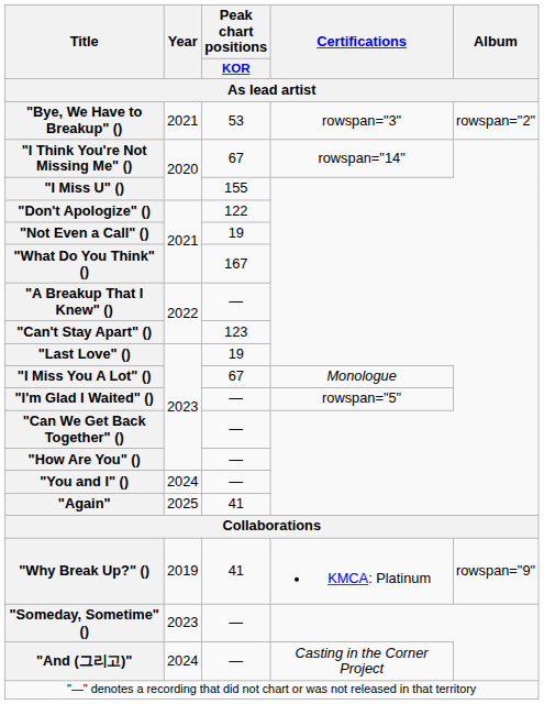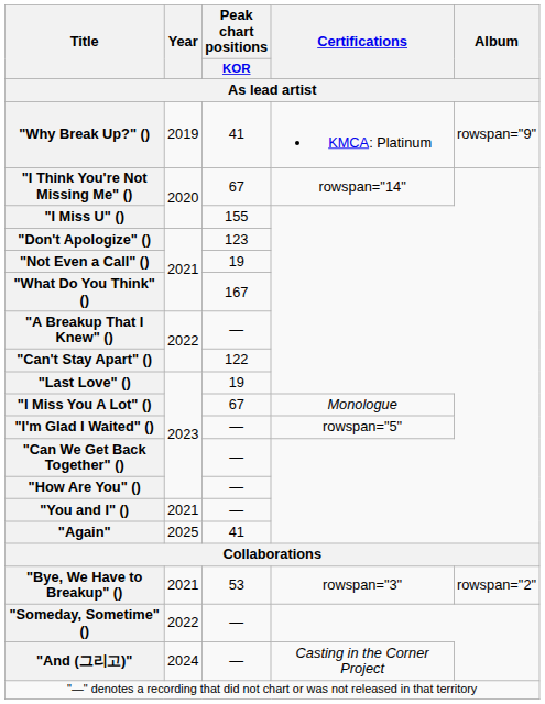 <table class="wikitable plainrowheaders" style="text-align:center">
 <tr>
 <th scope="col" rowspan="2">Title</th>
 <th scope="col" rowspan="2">Year</th>
 <th scope="col" colspan="1">Peak chart positions</th>
 <th scope="col" rowspan="2" style="width:12.5em;"><a href='#'>Certifications</a><br></th>
 <th scope="col" rowspan="2">Album</th>
 </tr>
 <tr>
 <th scope="col" style="font-size:90%; width:2.5em"><a href='#'>KOR</a><br></th>
 </tr>
 <tr>
 <th scope="col" colspan="5">As lead artist</th>
 </tr>
 <tr>
-<th scope="row">"Bye, We Have to Breakup" () </th>
-<td>2021</td>
-<td>53</td>
-<td>rowspan="3" </td>
-<td>rowspan="2" </td>
+<th scope="row">"Why Break Up?" ()</th>
+<td>2019</td>
+<td>41</td>
+<td><br><ul><li><a href='#'>KMCA</a>: Platinum</li></ul></td>
+<td>rowspan="9" </td>
 </tr>
 <tr>
 <th scope="row">"I Think You're Not Missing Me" ()</th>
 <td rowspan="2">2020</td>
 <td>67</td>
 <td>rowspan="14" </td>
 </tr>
 <tr>
 <th scope="row">"I Miss U" ()</th>
 <td>155</td>
 </tr>
 <tr>
 <th scope="row">"Don't Apologize" ()</th>
 <td rowspan="3">2021</td>
-<td>122</td>
+<td>123</td>
 </tr>
 <tr>
 <th scope="row">"Not Even a Call" ()</th>
 <td>19</td>
 </tr>
 <tr>
 <th scope="row">"What Do You Think" ()</th>
 <td>167</td>
 </tr>
 <tr>
 <th scope="row">"A Breakup That I Knew" ()</th>
 <td rowspan="2">2022</td>
 <td>—</td>
 </tr>
 <tr>
 <th scope="row">"Can't Stay Apart" ()</th>
-<td>123</td>
+<td>122</td>
 </tr>
 <tr>
 <th scope="row">"Last Love" ()</th>
 <td rowspan="5">2023</td>
 <td>19</td>
 </tr>
 <tr>
 <th scope="row">"I Miss You A Lot" ()</th>
 <td>67</td>
 <td><em>Monologue</em></td>
 </tr>
 <tr>
 <th scope="row">"I'm Glad I Waited" ()</th>
 <td>—</td>
 <td>rowspan="5" </td>
 </tr>
 <tr>
 <th scope="row">"Can We Get Back Together" ()</th>
 <td>—</td>
 </tr>
 <tr>
 <th scope="row">"How Are You" ()</th>
 <td>—</td>
 </tr>
 <tr>
 <th scope="row">"You and I" ()</th>
-<td>2024</td>
+<td>2021</td>
 <td>—</td>
 </tr>
 <tr>
 <th scope="row">"Again"</th>
 <td>2025</td>
 <td>41</td>
 </tr>
 <tr>
 <th scope="col" colspan="5">Collaborations</th>
 </tr>
 <tr>
-<th scope="row">"Why Break Up?" ()</th>
-<td>2019</td>
-<td>41</td>
-<td><br><ul><li><a href='#'>KMCA</a>: Platinum</li></ul></td>
-<td>rowspan="9" </td>
+<th scope="row">"Bye, We Have to Breakup" () </th>
+<td>2021</td>
+<td>53</td>
+<td>rowspan="3" </td>
+<td>rowspan="2" </td>
 </tr>
 <tr>
 <th scope="row">"Someday, Sometime" () </th>
-<td>2023</td>
+<td>2022</td>
 <td>—</td>
 </tr>
 <tr>
 <th scope="row">"And (그리고)"</th>
 <td>2024</td>
 <td>—</td>
 <td><em>Casting in the Corner Project</em></td>
 </tr>
 <tr>
 <td colspan="5" style="font-size:85%">"—" denotes a recording that did not chart or was not released in that territory</td>
 </tr>
 </table>
